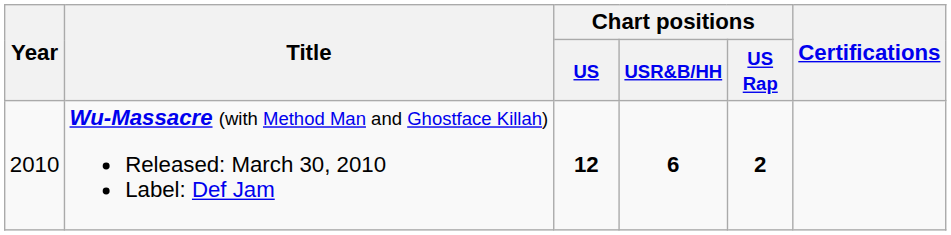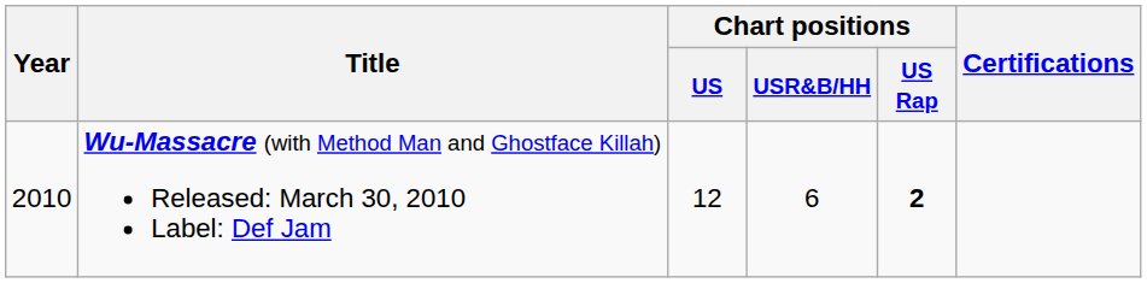 <table class="wikitable">
 <tr>
 <th rowspan="2">Year</th>
 <th rowspan="2">Title</th>
 <th colspan="3">Chart positions</th>
 <th rowspan="2"><a href='#'>Certifications</a></th>
 </tr>
 <tr>
 <th style="width:40px;"><small><a href='#'>US</a></small></th>
 <th style="width:40px;"><small><a href='#'>US</a></small><small><a href='#'>R&B/HH</a></small></th>
 <th style="width:40px;"><small><a href='#'>US Rap</a></small></th>
 </tr>
 <tr>
 <td>2010</td>
 <td><strong><em><a href='#'>Wu-Massacre</a></em></strong> <small>(with <a href='#'>Method Man</a> and <a href='#'>Ghostface Killah</a>)</small><br><ul><li>Released: March 30, 2010</li><li>Label: <a href='#'>Def Jam</a></li></ul></td>
-<td style="text-align:center;"><strong>12</strong></td>
-<td style="text-align:center;"><strong>6</strong></td>
+<td style="text-align:center;">12</td>
+<td style="text-align:center;">6</td>
 <td style="text-align:center;"><strong>2</strong></td>
 <td></td>
 </tr>
 </table>
